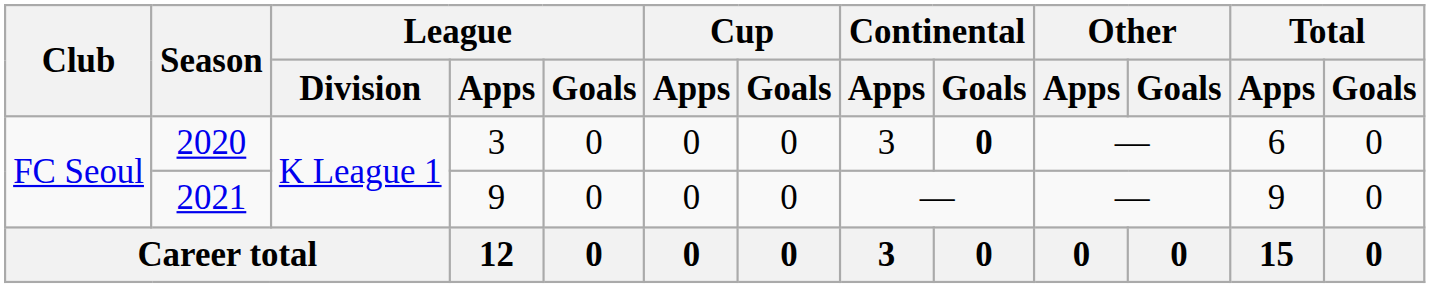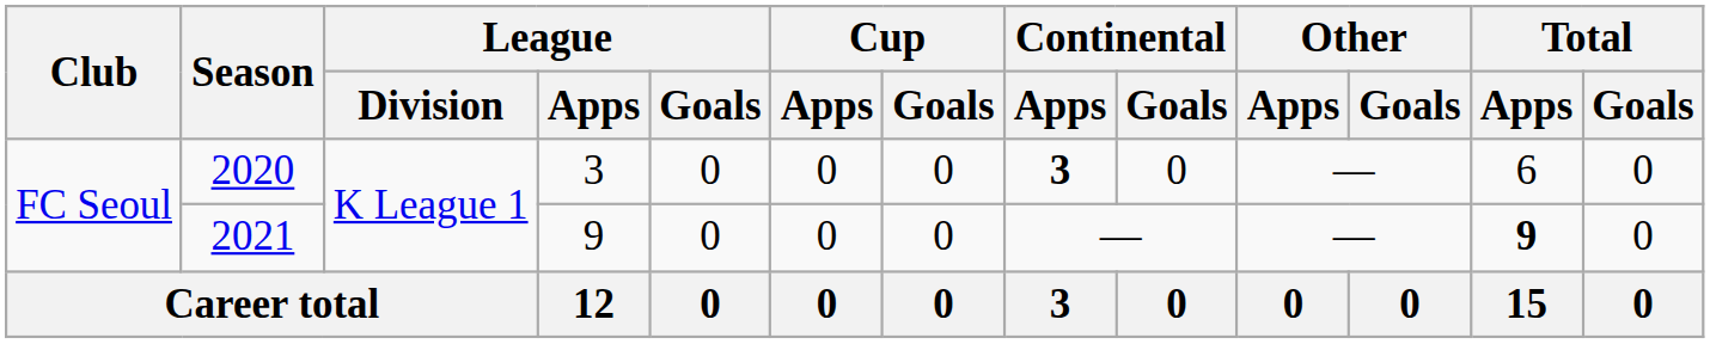 <table class="wikitable" style="text-align: center">
 <tr>
 <th rowspan="2">Club</th>
 <th rowspan="2">Season</th>
 <th colspan="3">League</th>
 <th colspan="2">Cup</th>
 <th colspan="2">Continental</th>
 <th colspan="2">Other</th>
 <th colspan="2">Total</th>
 </tr>
 <tr>
 <th>Division</th>
 <th>Apps</th>
 <th>Goals</th>
 <th>Apps</th>
 <th>Goals</th>
 <th>Apps</th>
 <th>Goals</th>
 <th>Apps</th>
 <th>Goals</th>
 <th>Apps</th>
 <th>Goals</th>
 </tr>
 <tr>
 <td rowspan="2"><a href='#'>FC Seoul</a></td>
 <td><a href='#'>2020</a></td>
 <td rowspan="2"><a href='#'>K League 1</a></td>
 <td>3</td>
 <td>0</td>
 <td>0</td>
 <td>0</td>
-<td>3</td>
-<td><strong>0</strong></td>
+<td><strong>3</strong></td>
+<td>0</td>
 <td colspan="2">—</td>
 <td>6</td>
 <td>0</td>
 </tr>
 <tr>
 <td><a href='#'>2021</a></td>
 <td>9</td>
 <td>0</td>
 <td>0</td>
 <td>0</td>
 <td colspan="2">—</td>
 <td colspan="2">—</td>
-<td>9</td>
+<td><strong>9</strong></td>
 <td>0</td>
 </tr>
 <tr>
 <th colspan=3>Career total</th>
 <th>12</th>
 <th>0</th>
 <th>0</th>
 <th>0</th>
 <th>3</th>
 <th>0</th>
 <th>0</th>
 <th>0</th>
 <th>15</th>
 <th>0</th>
 </tr>
 </table>
